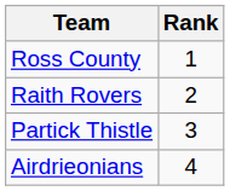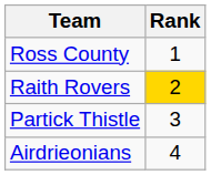 <table class="wikitable" style="text-align: center;">
 <tr>
 <th>Team</th>
 <th>Rank</th>
 </tr>
 <tr>
 <td style="text-align: left;"><a href='#'>Ross County</a></td>
 <td>1</td>
 </tr>
 <tr>
 <td style="text-align: left;"><a href='#'>Raith Rovers</a></td>
-<td>2</td>
+<td style="background: gold;">2</td>
 </tr>
 <tr>
 <td style="text-align: left;"><a href='#'>Partick Thistle</a></td>
 <td>3</td>
 </tr>
 <tr>
 <td style="text-align: left;"><a href='#'>Airdrieonians</a></td>
 <td>4</td>
 </tr>
 </table>
